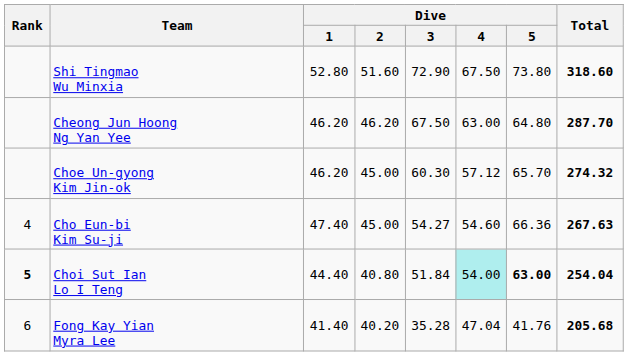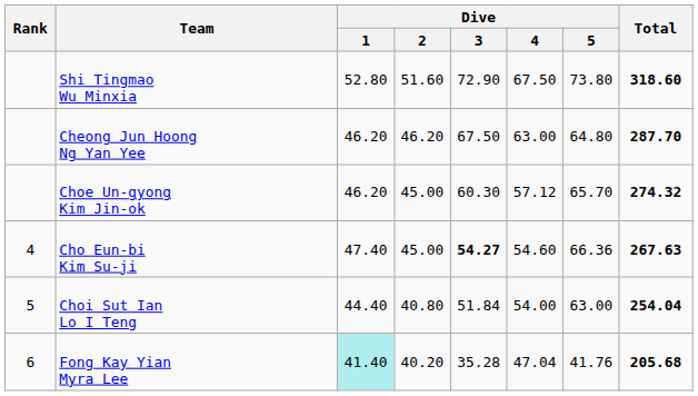 <table class=wikitable style="text-align:center">
 <tr>
 <th rowspan="2" width=40>Rank</th>
 <th rowspan="2" width=250>Team</th>
 <th colspan="5">Dive</th>
 <th rowspan="2" width=60>Total</th>
 </tr>
 <tr>
 <th width=45>1</th>
 <th width=45>2</th>
 <th width=45>3</th>
 <th width=45>4</th>
 <th width=45>5</th>
 </tr>
 <tr>
 <td></td>
 <td align=left><br><a href='#'>Shi Tingmao</a><br><a href='#'>Wu Minxia</a></td>
 <td>52.80</td>
 <td>51.60</td>
 <td>72.90</td>
 <td>67.50</td>
 <td>73.80</td>
 <td><strong>318.60</strong></td>
 </tr>
 <tr>
 <td></td>
 <td align=left><br><a href='#'>Cheong Jun Hoong</a><br><a href='#'>Ng Yan Yee</a></td>
 <td>46.20</td>
 <td>46.20</td>
 <td>67.50</td>
 <td>63.00</td>
 <td>64.80</td>
 <td><strong>287.70</strong></td>
 </tr>
 <tr>
 <td></td>
 <td align=left><br><a href='#'>Choe Un-gyong</a><br><a href='#'>Kim Jin-ok</a></td>
 <td>46.20</td>
 <td>45.00</td>
 <td>60.30</td>
 <td>57.12</td>
 <td>65.70</td>
 <td><strong>274.32</strong></td>
 </tr>
 <tr>
 <td>4</td>
 <td align=left><br><a href='#'>Cho Eun-bi</a><br><a href='#'>Kim Su-ji</a></td>
 <td>47.40</td>
 <td>45.00</td>
-<td>54.27</td>
+<td><strong>54.27</strong></td>
 <td>54.60</td>
 <td>66.36</td>
 <td><strong>267.63</strong></td>
 </tr>
 <tr>
-<td><strong>5</strong></td>
+<td>5</td>
 <td align=left><br><a href='#'>Choi Sut Ian</a><br><a href='#'>Lo I Teng</a></td>
 <td>44.40</td>
 <td>40.80</td>
 <td>51.84</td>
-<td style="background: paleturquoise;">54.00</td>
-<td><strong>63.00</strong></td>
+<td>54.00</td>
+<td>63.00</td>
 <td><strong>254.04</strong></td>
 </tr>
 <tr>
 <td>6</td>
 <td align=left><br><a href='#'>Fong Kay Yian</a><br><a href='#'>Myra Lee</a></td>
-<td>41.40</td>
+<td style="background: paleturquoise;">41.40</td>
 <td>40.20</td>
 <td>35.28</td>
 <td>47.04</td>
 <td>41.76</td>
 <td><strong>205.68</strong></td>
 </tr>
 </table>
